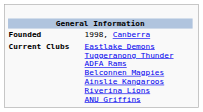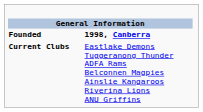 <table class="infobox" style="width: 25em; font-size: 95%;">
 <tr>
 <td align="center" colspan="2"><br></td>
 </tr>
 <tr>
 <th colspan="2" bgcolor="#b0c4de"><strong>General Information</strong></th>
 </tr>
 <tr style="vertical-align: top;">
 <td><strong>Founded</strong></td>
-<td>1998, <a href='#'>Canberra</a></td>
+<td><strong>1998, <a href='#'>Canberra</a></strong></td>
 </tr>
 <tr>
 <td><strong>Current Clubs</strong></td>
 <td><a href='#'>Eastlake Demons</a><br><a href='#'>Tuggeranong Thunder</a><br><a href='#'>ADFA Rams</a><br><a href='#'>Belconnen Magpies</a><br><a href='#'>Ainslie Kangaroos</a><br><a href='#'>Riverina Lions</a><br><a href='#'>ANU Griffins</a><br></td>
 <td></td>
 </tr>
 </table>
